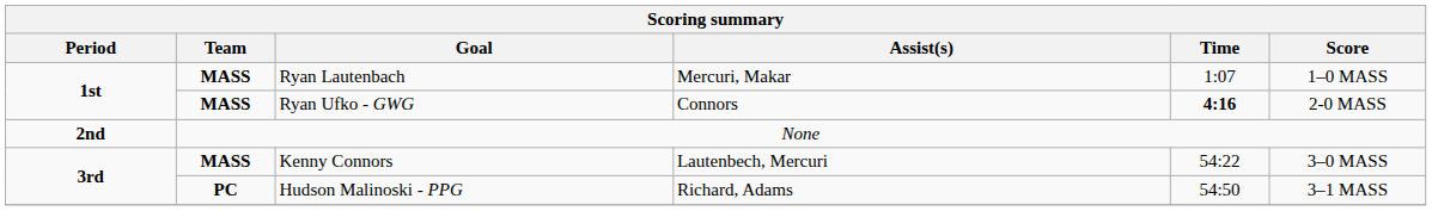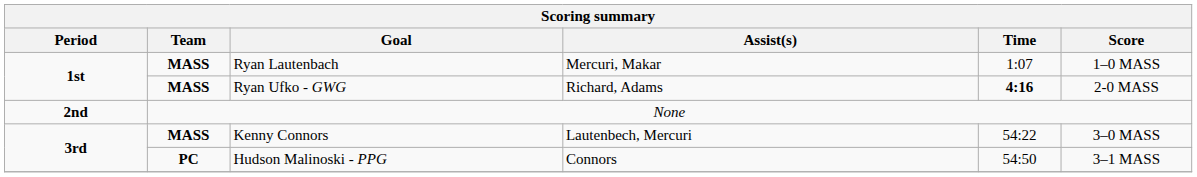 <table style="width:100%;" class="wikitable">
 <tr>
 <th colspan=6>Scoring summary</th>
 </tr>
 <tr>
 <th style="width:12%;">Period</th>
 <th style="width:7%;">Team</th>
 <th style="width:28%;">Goal</th>
 <th style="width:35%;">Assist(s)</th>
 <th style="width:7%;">Time</th>
 <th style="width:11%;">Score</th>
 </tr>
 <tr>
 <td style="text-align:center;" rowspan="2"><strong>1st</strong></td>
 <td align=center><strong>MASS</strong></td>
 <td>Ryan Lautenbach</td>
 <td>Mercuri, Makar</td>
 <td align=center>1:07</td>
 <td align=center>1–0 MASS</td>
 </tr>
 <tr>
 <td align=center><strong>MASS</strong></td>
 <td>Ryan Ufko - <em>GWG</em></td>
-<td>Connors</td>
+<td>Richard, Adams</td>
 <td align=center><strong>4:16</strong></td>
 <td align=center>2-0 MASS</td>
 </tr>
 <tr>
 <td style="text-align:center;" rowspan="1"><strong>2nd</strong></td>
 <td style="text-align:center;" colspan="5"><em>None</em></td>
 </tr>
 <tr>
 <td style="text-align:center;" rowspan="2"><strong>3rd</strong></td>
 <td align=center><strong>MASS</strong></td>
 <td>Kenny Connors</td>
 <td>Lautenbech, Mercuri</td>
 <td align=center>54:22</td>
 <td align=center>3–0 MASS</td>
 </tr>
 <tr>
 <td align=center><strong>PC</strong></td>
 <td>Hudson Malinoski - <em>PPG</em></td>
-<td>Richard, Adams</td>
+<td>Connors</td>
 <td align=center>54:50</td>
 <td align=center>3–1 MASS</td>
 </tr>
 <tr>
 </tr>
 </table>
